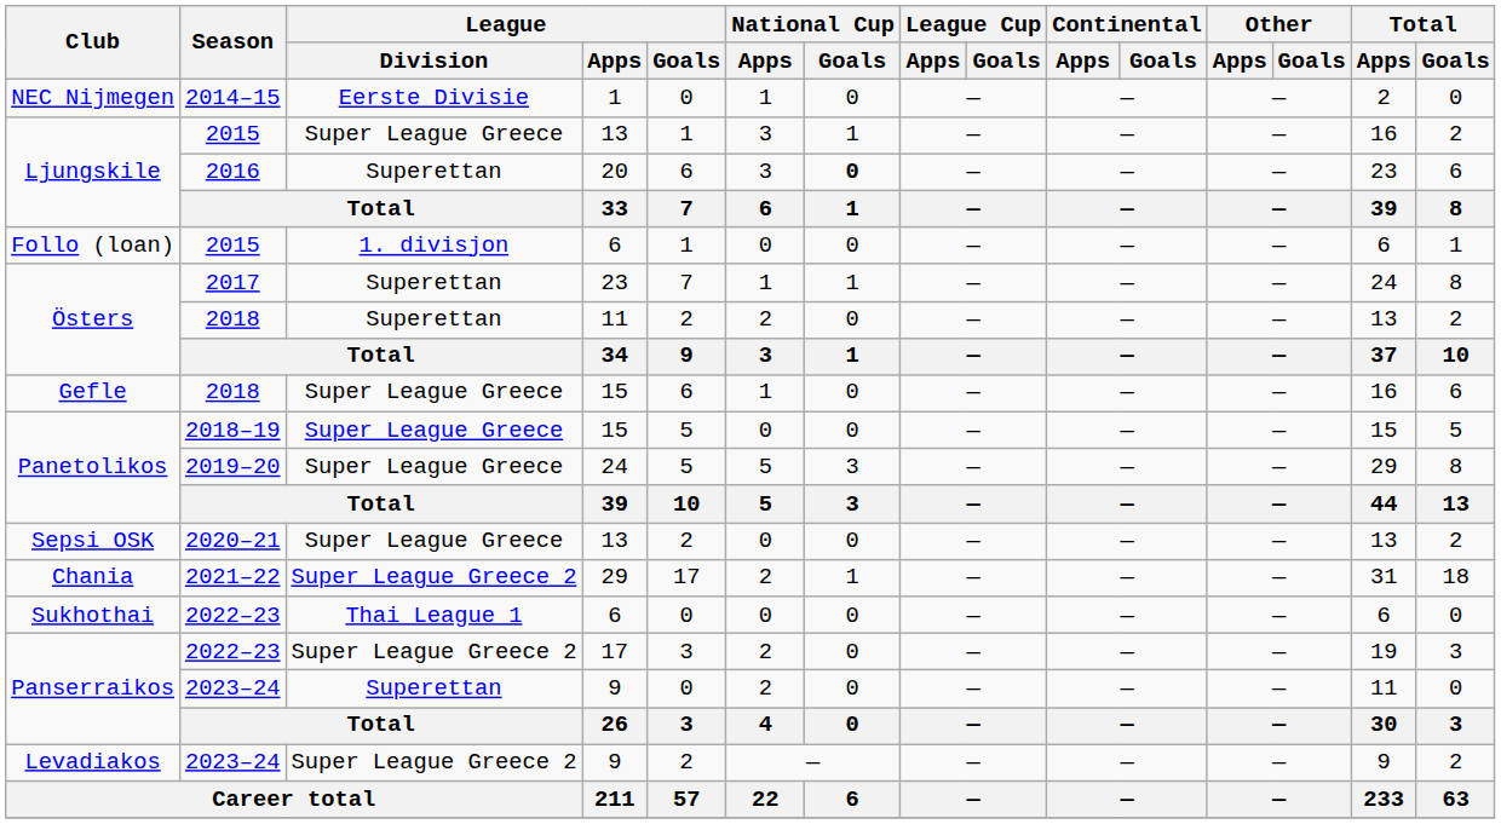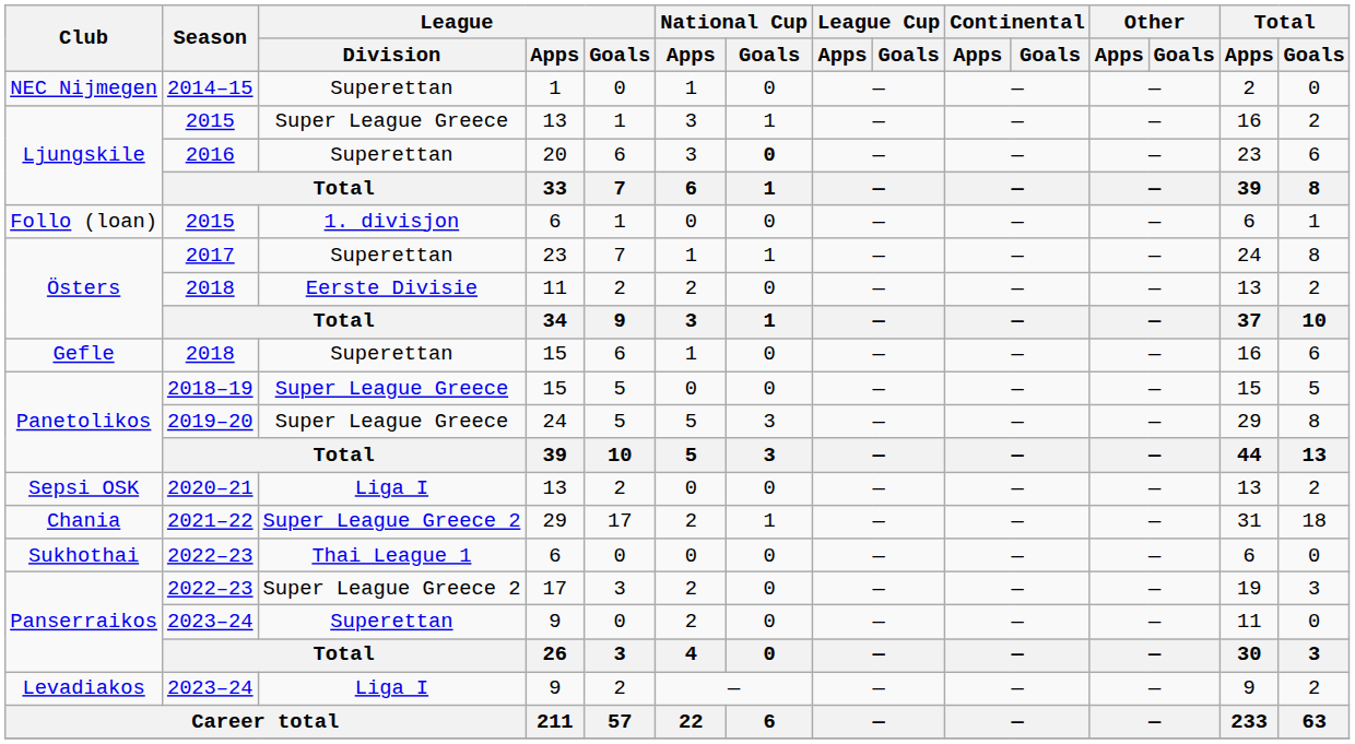 <table class=wikitable style=text-align:center>
 <tr>
 <th rowspan=2>Club</th>
 <th rowspan=2>Season</th>
 <th colspan=3>League</th>
 <th colspan=2>National Cup</th>
 <th colspan=2>League Cup</th>
 <th colspan=2>Continental</th>
 <th colspan=2>Other</th>
 <th colspan=2>Total</th>
 </tr>
 <tr>
 <th>Division</th>
 <th>Apps</th>
 <th>Goals</th>
 <th>Apps</th>
 <th>Goals</th>
 <th>Apps</th>
 <th>Goals</th>
 <th>Apps</th>
 <th>Goals</th>
 <th>Apps</th>
 <th>Goals</th>
 <th>Apps</th>
 <th>Goals</th>
 </tr>
 <tr>
 <td><a href='#'>NEC Nijmegen</a></td>
 <td><a href='#'>2014–15</a></td>
-<td><a href='#'>Eerste Divisie</a></td>
+<td>Superettan</td>
 <td>1</td>
 <td>0</td>
 <td>1</td>
 <td>0</td>
 <td colspan="2">—</td>
 <td colspan="2">—</td>
 <td colspan="2">—</td>
 <td>2</td>
 <td>0</td>
 </tr>
 <tr>
 <td rowspan="3"><a href='#'>Ljungskile</a></td>
 <td><a href='#'>2015</a></td>
 <td>Super League Greece</td>
 <td>13</td>
 <td>1</td>
 <td>3</td>
 <td>1</td>
 <td colspan="2">—</td>
 <td colspan="2">—</td>
 <td colspan="2">—</td>
 <td>16</td>
 <td>2</td>
 </tr>
 <tr>
 <td><a href='#'>2016</a></td>
 <td>Superettan</td>
 <td>20</td>
 <td>6</td>
 <td>3</td>
 <td><strong>0</strong></td>
 <td colspan="2">—</td>
 <td colspan="2">—</td>
 <td colspan="2">—</td>
 <td>23</td>
 <td>6</td>
 </tr>
 <tr>
 <th colspan="2">Total</th>
 <th>33</th>
 <th>7</th>
 <th>6</th>
 <th>1</th>
 <th colspan="2">—</th>
 <th colspan="2">—</th>
 <th colspan="2">—</th>
 <th>39</th>
 <th>8</th>
 </tr>
 <tr>
 <td><a href='#'>Follo</a> (loan)</td>
 <td><a href='#'>2015</a></td>
 <td><a href='#'>1. divisjon</a></td>
 <td>6</td>
 <td>1</td>
 <td>0</td>
 <td>0</td>
 <td colspan="2">—</td>
 <td colspan="2">—</td>
 <td colspan="2">—</td>
 <td>6</td>
 <td>1</td>
 </tr>
 <tr>
 <td rowspan="3"><a href='#'>Östers</a></td>
 <td><a href='#'>2017</a></td>
 <td>Superettan</td>
 <td>23</td>
 <td>7</td>
 <td>1</td>
 <td>1</td>
 <td colspan="2">—</td>
 <td colspan="2">—</td>
 <td colspan="2">—</td>
 <td>24</td>
 <td>8</td>
 </tr>
 <tr>
 <td><a href='#'>2018</a></td>
-<td>Superettan</td>
+<td><a href='#'>Eerste Divisie</a></td>
 <td>11</td>
 <td>2</td>
 <td>2</td>
 <td>0</td>
 <td colspan="2">—</td>
 <td colspan="2">—</td>
 <td colspan="2">—</td>
 <td>13</td>
 <td>2</td>
 </tr>
 <tr>
 <th colspan="2">Total</th>
 <th>34</th>
 <th>9</th>
 <th>3</th>
 <th>1</th>
 <th colspan="2">—</th>
 <th colspan="2">—</th>
 <th colspan="2">—</th>
 <th>37</th>
 <th>10</th>
 </tr>
 <tr>
 <td><a href='#'>Gefle</a></td>
 <td><a href='#'>2018</a></td>
-<td>Super League Greece</td>
+<td>Superettan</td>
 <td>15</td>
 <td>6</td>
 <td>1</td>
 <td>0</td>
 <td colspan="2">—</td>
 <td colspan="2">—</td>
 <td colspan="2">—</td>
 <td>16</td>
 <td>6</td>
 </tr>
 <tr>
 <td rowspan="3"><a href='#'>Panetolikos</a></td>
 <td><a href='#'>2018–19</a></td>
 <td><a href='#'>Super League Greece</a></td>
 <td>15</td>
 <td>5</td>
 <td>0</td>
 <td>0</td>
 <td colspan="2">—</td>
 <td colspan="2">—</td>
 <td colspan="2">—</td>
 <td>15</td>
 <td>5</td>
 </tr>
 <tr>
 <td><a href='#'>2019–20</a></td>
 <td>Super League Greece</td>
 <td>24</td>
 <td>5</td>
 <td>5</td>
 <td>3</td>
 <td colspan="2">—</td>
 <td colspan="2">—</td>
 <td colspan="2">—</td>
 <td>29</td>
 <td>8</td>
 </tr>
 <tr>
 <th colspan="2">Total</th>
 <th>39</th>
 <th>10</th>
 <th>5</th>
 <th>3</th>
 <th colspan="2">—</th>
 <th colspan="2">—</th>
 <th colspan="2">—</th>
 <th>44</th>
 <th>13</th>
 </tr>
 <tr>
 <td><a href='#'>Sepsi OSK</a></td>
 <td><a href='#'>2020–21</a></td>
-<td>Super League Greece</td>
+<td><a href='#'>Liga I</a></td>
 <td>13</td>
 <td>2</td>
 <td>0</td>
 <td>0</td>
 <td colspan="2">—</td>
 <td colspan="2">—</td>
 <td colspan="2">—</td>
 <td>13</td>
 <td>2</td>
 </tr>
 <tr>
 <td><a href='#'>Chania</a></td>
 <td><a href='#'>2021–22</a></td>
 <td><a href='#'>Super League Greece 2</a></td>
 <td>29</td>
 <td>17</td>
 <td>2</td>
 <td>1</td>
 <td colspan="2">—</td>
 <td colspan="2">—</td>
 <td colspan="2">—</td>
 <td>31</td>
 <td>18</td>
 </tr>
 <tr>
 <td><a href='#'>Sukhothai</a></td>
 <td><a href='#'>2022–23</a></td>
 <td><a href='#'>Thai League 1</a></td>
 <td>6</td>
 <td>0</td>
 <td>0</td>
 <td>0</td>
 <td colspan="2">—</td>
 <td colspan="2">—</td>
 <td colspan="2">—</td>
 <td>6</td>
 <td>0</td>
 </tr>
 <tr>
 <td rowspan="3"><a href='#'>Panserraikos</a></td>
 <td><a href='#'>2022–23</a></td>
 <td>Super League Greece 2</td>
 <td>17</td>
 <td>3</td>
 <td>2</td>
 <td>0</td>
 <td colspan="2">—</td>
 <td colspan="2">—</td>
 <td colspan="2">—</td>
 <td>19</td>
 <td>3</td>
 </tr>
 <tr>
 <td><a href='#'>2023–24</a></td>
 <td><a href='#'>Superettan</a></td>
 <td>9</td>
 <td>0</td>
 <td>2</td>
 <td>0</td>
 <td colspan="2">—</td>
 <td colspan="2">—</td>
 <td colspan="2">—</td>
 <td>11</td>
 <td>0</td>
 </tr>
 <tr>
 <th colspan="2">Total</th>
 <th>26</th>
 <th>3</th>
 <th>4</th>
 <th>0</th>
 <th colspan="2">—</th>
 <th colspan="2">—</th>
 <th colspan="2">—</th>
 <th>30</th>
 <th>3</th>
 </tr>
 <tr>
 <td><a href='#'>Levadiakos</a></td>
 <td><a href='#'>2023–24</a></td>
-<td>Super League Greece 2</td>
+<td><a href='#'>Liga I</a></td>
 <td>9</td>
 <td>2</td>
 <td colspan="2">—</td>
 <td colspan="2">—</td>
 <td colspan="2">—</td>
 <td colspan="2">—</td>
 <td>9</td>
 <td>2</td>
 </tr>
 <tr>
 <th colspan="3"><strong>Career total</strong></th>
 <th>211</th>
 <th>57</th>
 <th>22</th>
 <th>6</th>
 <th colspan="2">—</th>
 <th colspan="2">—</th>
 <th colspan="2">—</th>
 <th>233</th>
 <th>63</th>
 </tr>
 <tr>
 </tr>
 </table>
